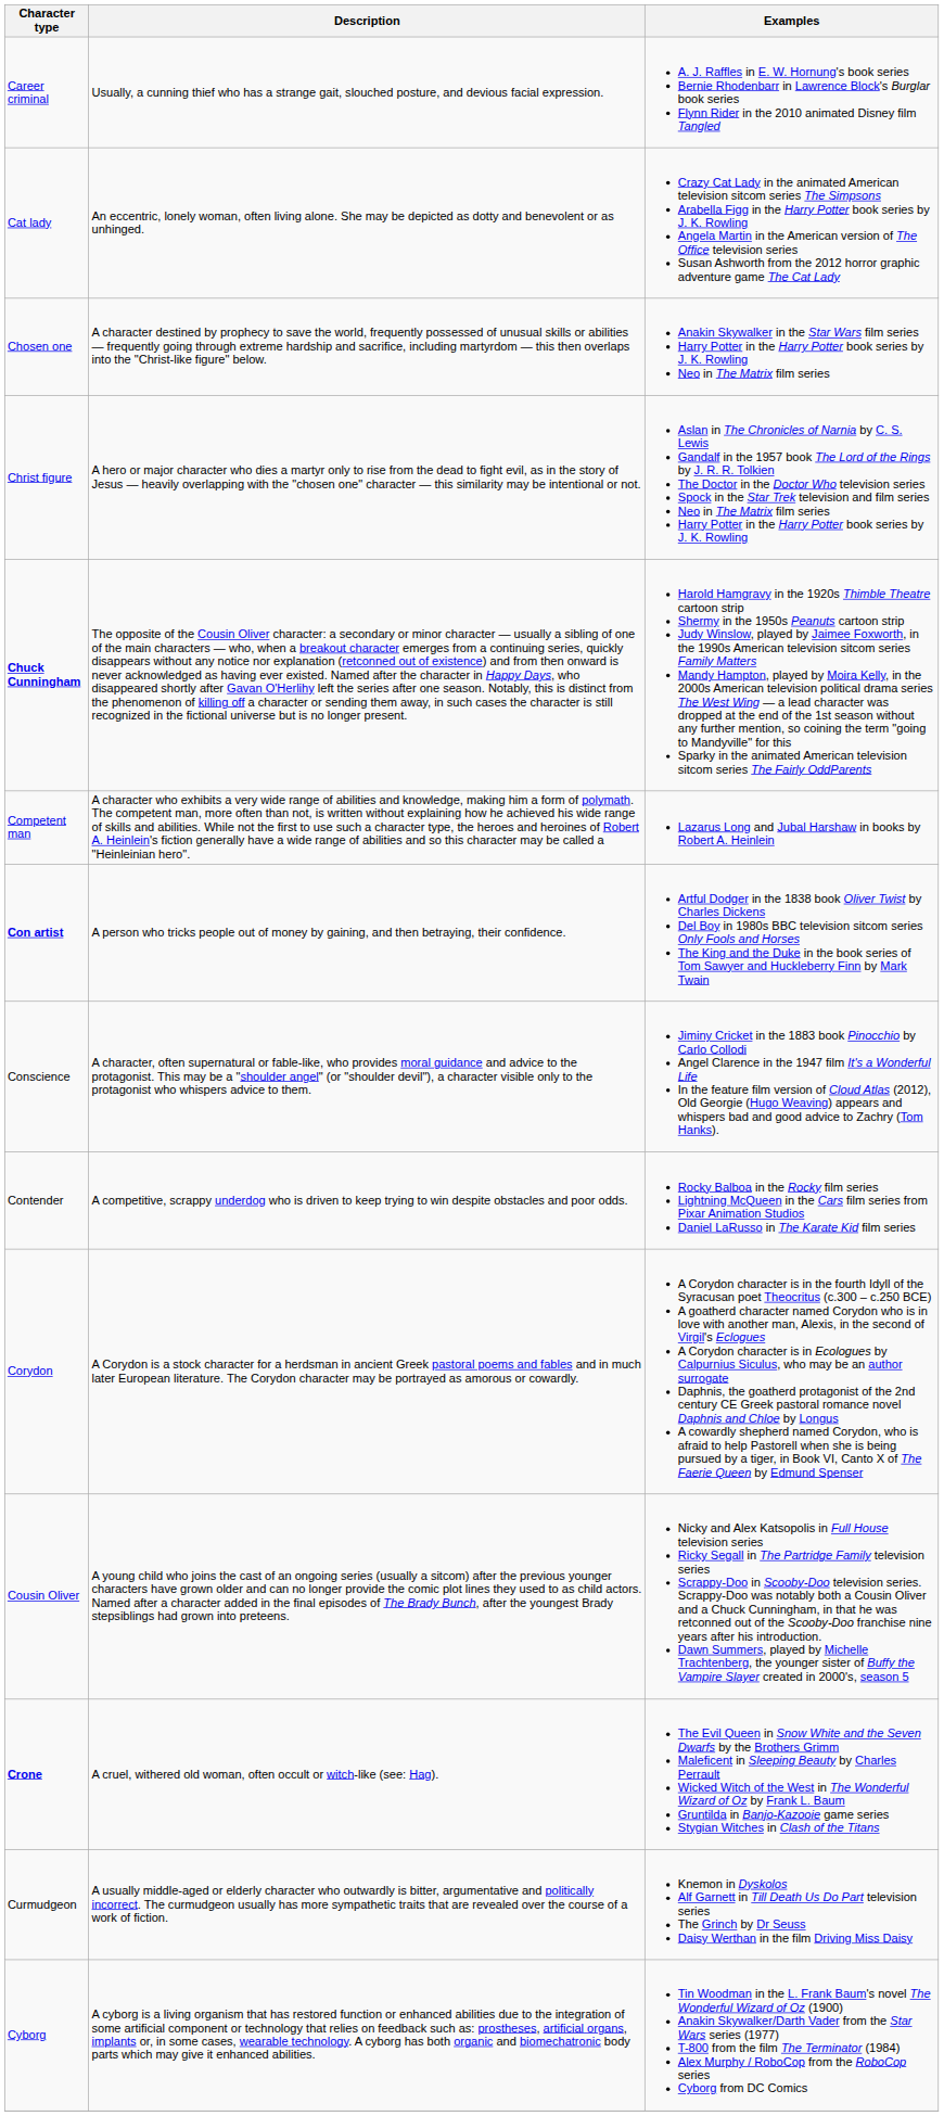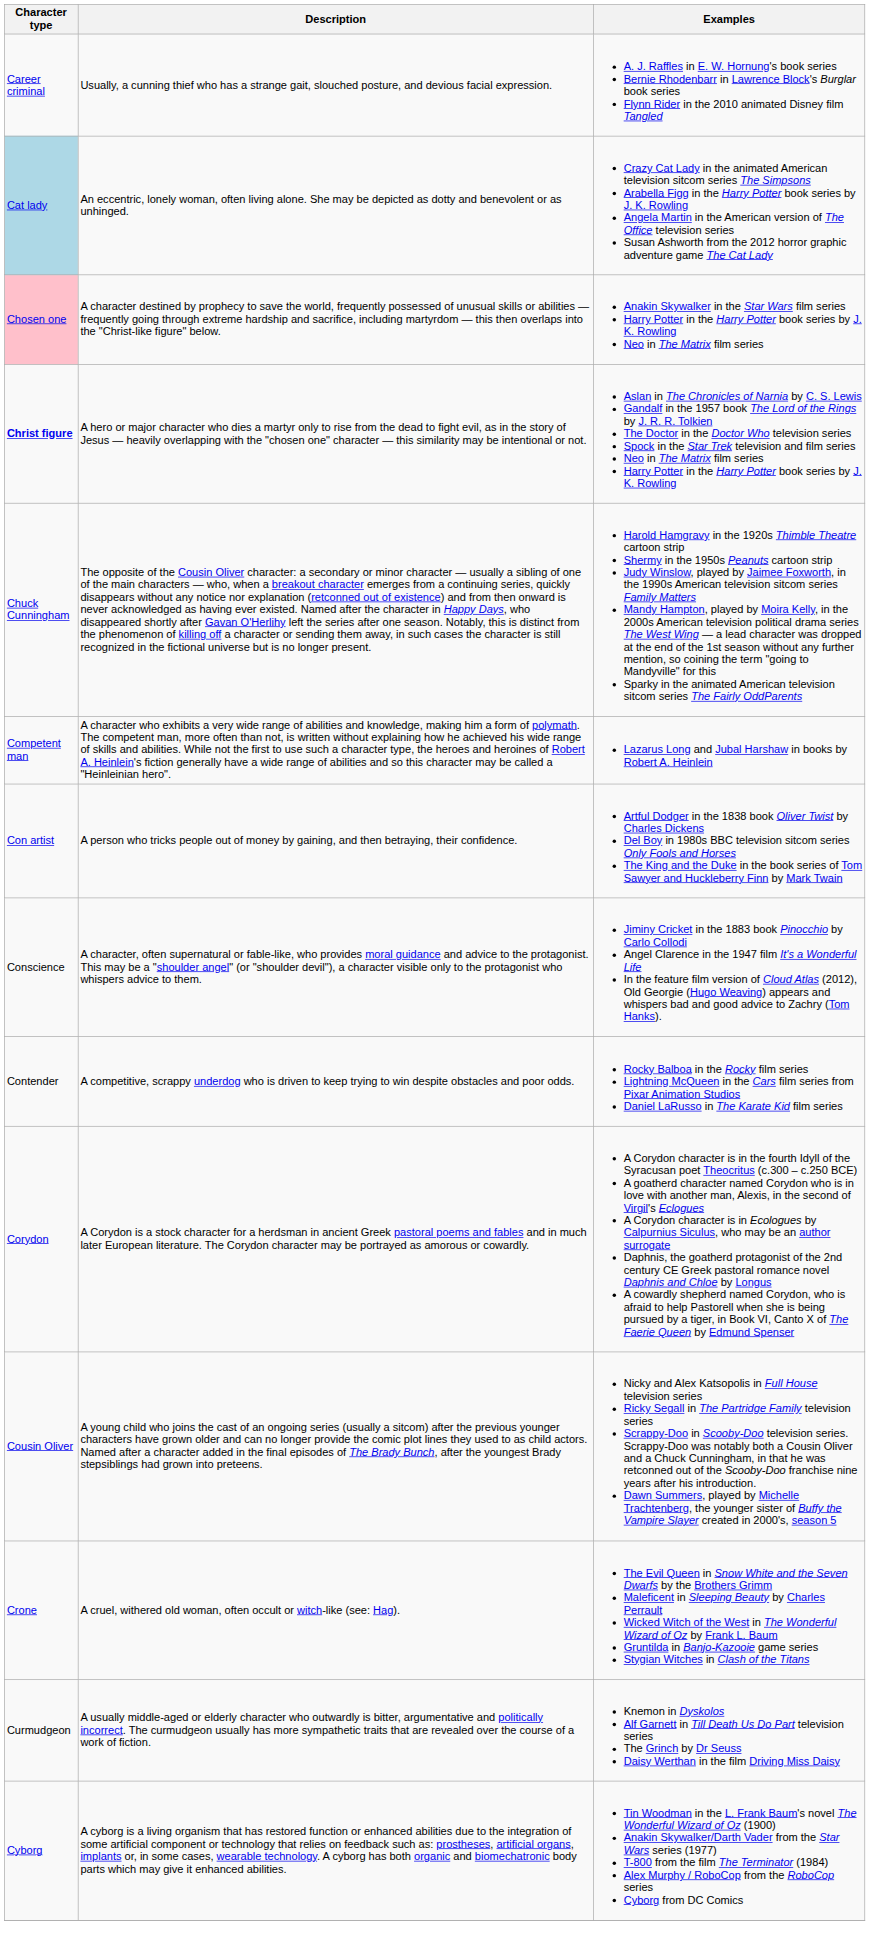 <table class="wikitable">
 <tr>
 <th>Character type</th>
 <th>Description</th>
 <th>Examples</th>
 </tr>
 <tr>
 <td><a href='#'>Career criminal</a></td>
 <td>Usually, a cunning thief who has a strange gait, slouched posture, and devious facial expression.</td>
 <td><br><ul><li><a href='#'>A. J. Raffles</a> in <a href='#'>E. W. Hornung</a>'s book series</li><li><a href='#'>Bernie Rhodenbarr</a> in <a href='#'>Lawrence Block</a>'s <em>Burglar</em> book series</li><li><a href='#'>Flynn Rider</a> in the 2010 animated Disney film <em><a href='#'>Tangled</a></em></li></ul></td>
 </tr>
 <tr>
-<td><a href='#'>Cat lady</a></td>
+<td style="background: lightblue;"><a href='#'>Cat lady</a></td>
 <td>An eccentric, lonely woman, often living alone. She may be depicted as dotty and benevolent or as unhinged.</td>
 <td><br><ul><li><a href='#'>Crazy Cat Lady</a> in the animated American television sitcom series <em><a href='#'>The Simpsons</a></em></li><li><a href='#'>Arabella Figg</a> in the <em><a href='#'>Harry Potter</a></em> book series by <a href='#'>J. K. Rowling</a></li><li><a href='#'>Angela Martin</a> in the American version of <em><a href='#'>The Office</a></em> television series</li><li>Susan Ashworth from the 2012 horror graphic adventure game <em><a href='#'>The Cat Lady</a></em></li></ul></td>
 </tr>
 <tr>
-<td><a href='#'>Chosen one</a></td>
+<td style="background: pink;"><a href='#'>Chosen one</a></td>
 <td>A character destined by prophecy to save the world, frequently possessed of unusual skills or abilities — frequently going through extreme hardship and sacrifice, including martyrdom — this then overlaps into the "Christ-like figure" below.</td>
 <td><br><ul><li><a href='#'>Anakin Skywalker</a> in the <em><a href='#'>Star Wars</a></em> film series</li><li><a href='#'>Harry Potter</a> in the <em><a href='#'>Harry Potter</a></em> book series by <a href='#'>J. K. Rowling</a></li><li><a href='#'>Neo</a> in <em><a href='#'>The Matrix</a></em> film series</li></ul></td>
 </tr>
 <tr>
-<td><a href='#'>Christ figure</a></td>
+<td><strong><a href='#'>Christ figure</a></strong></td>
 <td>A hero or major character who dies a martyr only to rise from the dead to fight evil, as in the story of Jesus — heavily overlapping with the "chosen one" character — this similarity may be intentional or not.</td>
 <td><br><ul><li><a href='#'>Aslan</a> in <em><a href='#'>The Chronicles of Narnia</a></em> by <a href='#'>C. S. Lewis</a></li><li><a href='#'>Gandalf</a> in the 1957 book <em><a href='#'>The Lord of the Rings</a></em> by <a href='#'>J. R. R. Tolkien</a></li><li><a href='#'>The Doctor</a> in the <em><a href='#'>Doctor Who</a></em> television series</li><li><a href='#'>Spock</a> in the <em><a href='#'>Star Trek</a></em> television and film series</li><li><a href='#'>Neo</a> in <em><a href='#'>The Matrix</a></em> film series</li><li><a href='#'>Harry Potter</a> in the <em><a href='#'>Harry Potter</a></em> book series by <a href='#'>J. K. Rowling</a></li></ul></td>
 </tr>
 <tr>
-<td><strong><a href='#'>Chuck Cunningham</a></strong></td>
+<td><a href='#'>Chuck Cunningham</a></td>
 <td>The opposite of the <a href='#'>Cousin Oliver</a> character: a secondary or minor character — usually a sibling of one of the main characters — who, when a <a href='#'>breakout character</a> emerges from a continuing series, quickly disappears without any notice nor explanation (<a href='#'>retconned out of existence</a>) and from then onward is never acknowledged as having ever existed. Named after the character in <em><a href='#'>Happy Days</a></em>, who disappeared shortly after <a href='#'>Gavan O'Herlihy</a> left the series after one season. Notably, this is distinct from the phenomenon of <a href='#'>killing off</a> a character or sending them away, in such cases the character is still recognized in the fictional universe but is no longer present.</td>
 <td><br><ul><li><a href='#'>Harold Hamgravy</a> in the 1920s <em><a href='#'>Thimble Theatre</a></em> cartoon strip</li><li><a href='#'>Shermy</a> in the 1950s <em><a href='#'>Peanuts</a></em> cartoon strip</li><li><a href='#'>Judy Winslow</a>, played by <a href='#'>Jaimee Foxworth</a>, in the 1990s American television sitcom series <em><a href='#'>Family Matters</a></em></li><li><a href='#'>Mandy Hampton</a>, played by <a href='#'>Moira Kelly</a>, in the 2000s American television political drama series <em><a href='#'>The West Wing</a></em> — a lead character was dropped at the end of the 1st season without any further mention, so coining the term "going to Mandyville" for this</li><li>Sparky in the animated American television sitcom series <em><a href='#'>The Fairly OddParents</a></em></li></ul></td>
 </tr>
 <tr>
 <td><a href='#'>Competent man</a></td>
 <td>A character who exhibits a very wide range of abilities and knowledge, making him a form of <a href='#'>polymath</a>. The competent man, more often than not, is written without explaining how he achieved his wide range of skills and abilities. While not the first to use such a character type, the heroes and heroines of <a href='#'>Robert A. Heinlein</a>'s fiction generally have a wide range of abilities and so this character may be called a "Heinleinian hero".</td>
 <td><br><ul><li><a href='#'>Lazarus Long</a> and <a href='#'>Jubal Harshaw</a> in books by <a href='#'>Robert A. Heinlein</a></li></ul></td>
 </tr>
 <tr>
-<td><strong><a href='#'>Con artist</a></strong></td>
+<td><a href='#'>Con artist</a></td>
 <td>A person who tricks people out of money by gaining, and then betraying, their confidence.</td>
 <td><br><ul><li><a href='#'>Artful Dodger</a> in the 1838 book <em><a href='#'>Oliver Twist</a></em> by <a href='#'>Charles Dickens</a></li><li><a href='#'>Del Boy</a> in 1980s BBC television sitcom series <em><a href='#'>Only Fools and Horses</a></em></li><li><a href='#'>The King and the Duke</a> in the book series of <a href='#'>Tom Sawyer and Huckleberry Finn</a> by <a href='#'>Mark Twain</a></li></ul></td>
 </tr>
 <tr>
 <td>Conscience</td>
 <td>A character, often supernatural or fable-like, who provides <a href='#'>moral guidance</a> and advice to the protagonist. This may be a "<a href='#'>shoulder angel</a>" (or "shoulder devil"), a character visible only to the protagonist who whispers advice to them.</td>
 <td><br><ul><li><a href='#'>Jiminy Cricket</a> in the 1883 book <em><a href='#'>Pinocchio</a></em> by <a href='#'>Carlo Collodi</a></li><li>Angel Clarence in the 1947 film <em><a href='#'>It's a Wonderful Life</a></em></li><li>In the feature film version of <em><a href='#'>Cloud Atlas</a></em> (2012), Old Georgie (<a href='#'>Hugo Weaving</a>) appears and whispers bad and good advice to Zachry (<a href='#'>Tom Hanks</a>).</li></ul></td>
 </tr>
 <tr>
 <td>Contender</td>
 <td>A competitive, scrappy <a href='#'>underdog</a> who is driven to keep trying to win despite obstacles and poor odds.</td>
 <td><br><ul><li><a href='#'>Rocky Balboa</a> in the <em><a href='#'>Rocky</a></em> film series</li><li><a href='#'>Lightning McQueen</a> in the <em><a href='#'>Cars</a></em> film series from <a href='#'>Pixar Animation Studios</a></li><li><a href='#'>Daniel LaRusso</a> in <em><a href='#'>The Karate Kid</a></em> film series</li></ul></td>
 </tr>
 <tr>
 <td><a href='#'>Corydon</a></td>
 <td>A Corydon is a stock character for a herdsman in ancient Greek <a href='#'>pastoral poems and fables</a> and in much later European literature. The Corydon character may be portrayed as amorous or cowardly.</td>
 <td><br><ul><li>A Corydon character is in the fourth Idyll of the Syracusan poet <a href='#'>Theocritus</a> (c.300 – c.250 BCE)</li><li>A goatherd character named Corydon who is in love with another man, Alexis, in the second of <a href='#'>Virgil</a>'s <em><a href='#'>Eclogues</a></em></li><li>A Corydon character is in <em>Ecologues</em> by <a href='#'>Calpurnius Siculus</a>, who may be an <a href='#'>author surrogate</a></li><li>Daphnis, the goatherd protagonist of the 2nd century CE Greek pastoral romance novel <em><a href='#'>Daphnis and Chloe</a></em> by <a href='#'>Longus</a></li><li>A cowardly shepherd named Corydon, who is afraid to help Pastorell when she is being pursued by a tiger, in Book VI, Canto X of <em><a href='#'>The Faerie Queen</a></em> by <a href='#'>Edmund Spenser</a></li></ul></td>
 </tr>
 <tr>
 <td><a href='#'>Cousin Oliver</a></td>
 <td>A young child who joins the cast of an ongoing series (usually a sitcom) after the previous younger characters have grown older and can no longer provide the comic plot lines they used to as child actors. Named after a character added in the final episodes of <em><a href='#'>The Brady Bunch</a></em>, after the youngest Brady stepsiblings had grown into preteens.</td>
 <td><br><ul><li>Nicky and Alex Katsopolis in <em><a href='#'>Full House</a></em> television series</li><li><a href='#'>Ricky Segall</a> in <em><a href='#'>The Partridge Family</a></em> television series</li><li><a href='#'>Scrappy-Doo</a> in <em><a href='#'>Scooby-Doo</a></em> television series. Scrappy-Doo was notably both a Cousin Oliver and a Chuck Cunningham, in that he was retconned out of the <em>Scooby-Doo</em> franchise nine years after his introduction.</li><li><a href='#'>Dawn Summers</a>, played by <a href='#'>Michelle Trachtenberg</a>, the younger sister of <em><a href='#'>Buffy the Vampire Slayer</a></em> created in 2000's, <a href='#'>season 5</a></li></ul></td>
 </tr>
 <tr>
-<td><strong><a href='#'>Crone</a></strong></td>
+<td><a href='#'>Crone</a></td>
 <td>A cruel, withered old woman, often occult or <a href='#'>witch</a>-like (see: <a href='#'>Hag</a>).</td>
 <td><br><ul><li><a href='#'>The Evil Queen</a> in <em><a href='#'>Snow White and the Seven Dwarfs</a></em> by the <a href='#'>Brothers Grimm</a></li><li><a href='#'>Maleficent</a> in <em><a href='#'>Sleeping Beauty</a></em> by <a href='#'>Charles Perrault</a></li><li><a href='#'>Wicked Witch of the West</a> in <em><a href='#'>The Wonderful Wizard of Oz</a></em> by <a href='#'>Frank L. Baum</a></li><li><a href='#'>Gruntilda</a> in <em><a href='#'>Banjo-Kazooie</a></em> game series</li><li><a href='#'>Stygian Witches</a> in <em><a href='#'>Clash of the Titans</a></em></li></ul></td>
 </tr>
 <tr>
 <td>Curmudgeon</td>
 <td>A usually middle-aged or elderly character who outwardly is bitter, argumentative and <a href='#'>politically incorrect</a>. The curmudgeon usually has more sympathetic traits that are revealed over the course of a work of fiction.</td>
 <td><br><ul><li>Knemon in <em><a href='#'>Dyskolos</a></em></li><li><a href='#'>Alf Garnett</a> in <em><a href='#'>Till Death Us Do Part</a></em> television series</li><li>The <a href='#'>Grinch</a> by <a href='#'>Dr Seuss</a></li><li><a href='#'>Daisy Werthan</a> in the film <a href='#'>Driving Miss Daisy</a></li></ul></td>
 </tr>
 <tr>
 <td><a href='#'>Cyborg</a></td>
 <td>A cyborg is a living organism that has restored function or enhanced abilities due to the integration of some artificial component or technology that relies on feedback such as: <a href='#'>prostheses</a>, <a href='#'>artificial organs</a>, <a href='#'>implants</a> or, in some cases, <a href='#'>wearable technology</a>. A cyborg has both <a href='#'>organic</a> and <a href='#'>biomechatronic</a> body parts which may give it enhanced abilities.</td>
 <td><br><ul><li><a href='#'>Tin Woodman</a> in the <a href='#'>L. Frank Baum</a>'s  novel <em><a href='#'>The Wonderful Wizard of Oz</a></em> (1900)</li><li><a href='#'>Anakin Skywalker/Darth Vader</a> from the <em><a href='#'>Star Wars</a></em> series (1977)</li><li><a href='#'>T-800</a> from the film <em><a href='#'>The Terminator</a></em> (1984)</li><li><a href='#'>Alex Murphy / RoboCop</a> from the <em><a href='#'>RoboCop</a></em> series</li><li><a href='#'>Cyborg</a> from DC Comics</li></ul></td>
 </tr>
 <tr>
 </tr>
 </table>
